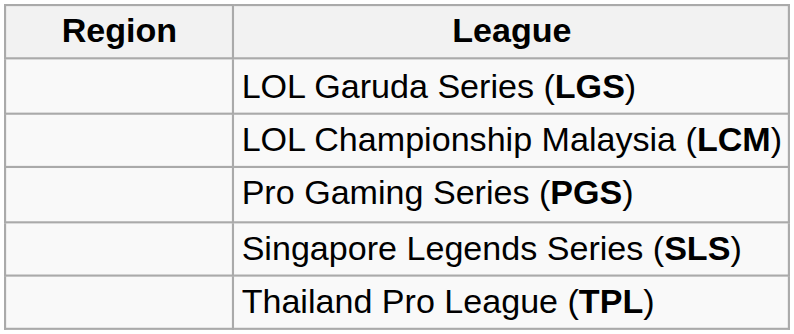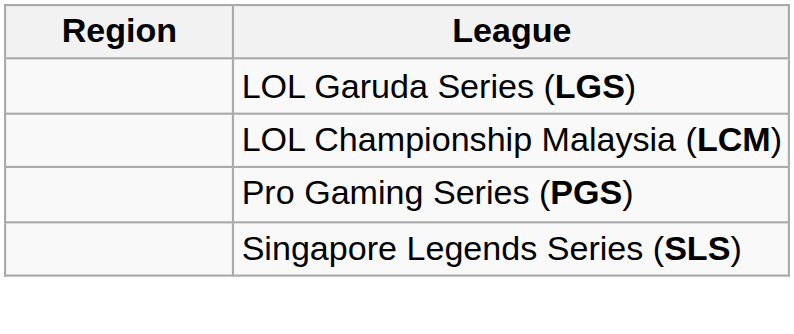 <table class="wikitable">
 <tr>
 <th style="width: 100px">Region</th>
 <th>League</th>
 </tr>
 <tr>
 <td></td>
 <td>LOL Garuda Series (<strong>LGS</strong>)</td>
 </tr>
 <tr>
 <td></td>
 <td>LOL Championship Malaysia (<strong>LCM</strong>)</td>
 </tr>
 <tr>
 <td></td>
 <td>Pro Gaming Series (<strong>PGS</strong>)</td>
 </tr>
 <tr>
 <td></td>
 <td>Singapore Legends Series (<strong>SLS</strong>)</td>
 </tr>
-<tr>
-<td></td>
-<td>Thailand Pro League (<strong>TPL</strong>)</td>
-</tr>
 </table>
